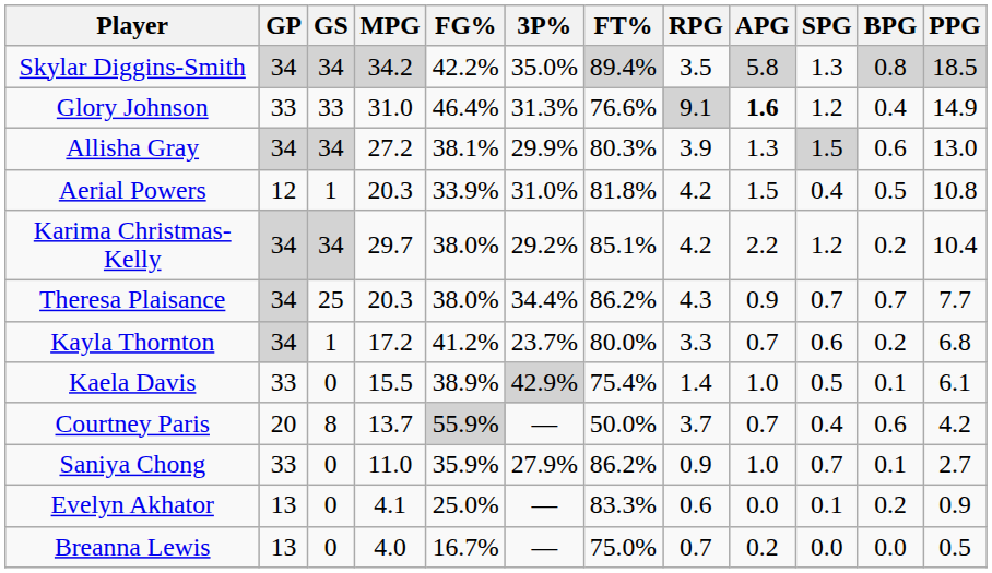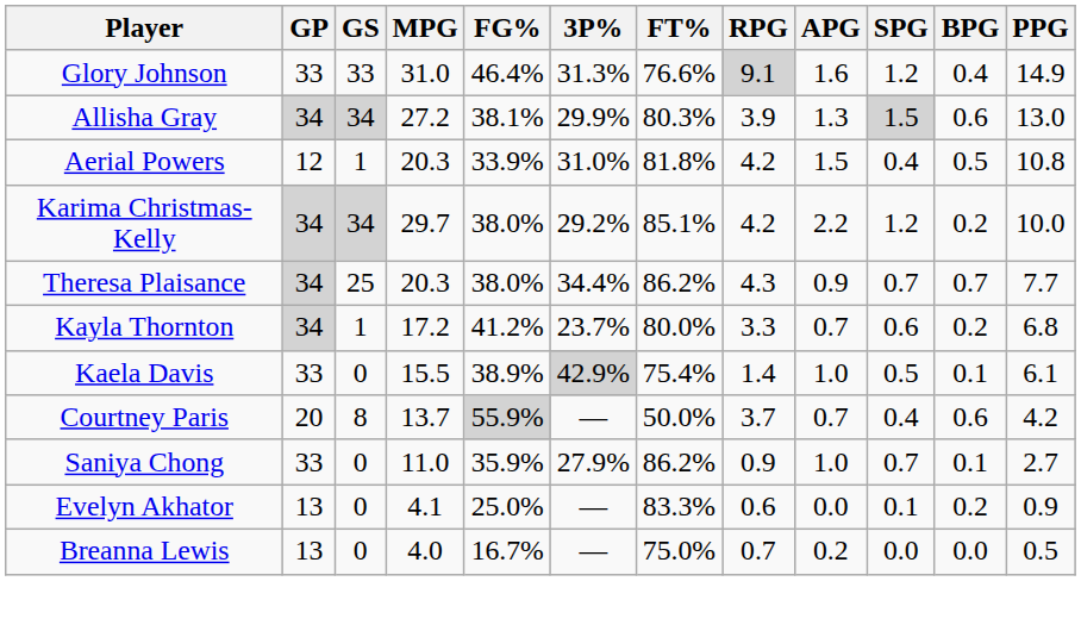 <table class="wikitable sortable" style="text-align:center;">
 <tr>
 <th>Player</th>
 <th>GP</th>
 <th>GS</th>
 <th>MPG</th>
 <th>FG%</th>
 <th>3P%</th>
 <th>FT%</th>
 <th>RPG</th>
 <th>APG</th>
 <th>SPG</th>
 <th>BPG</th>
 <th>PPG</th>
 </tr>
 <tr>
-<td><a href='#'>Skylar Diggins-Smith</a></td>
-<td style="background:#D3D3D3;">34</td>
-<td style="background:#D3D3D3;">34</td>
-<td style="background:#D3D3D3;">34.2</td>
-<td>42.2%</td>
-<td>35.0%</td>
-<td style="background:#D3D3D3;">89.4%</td>
-<td>3.5</td>
-<td style="background:#D3D3D3;">5.8</td>
-<td>1.3</td>
-<td style="background:#D3D3D3;">0.8</td>
-<td style="background:#D3D3D3;">18.5</td>
-</tr>
-<tr>
 <td><a href='#'>Glory Johnson</a></td>
 <td>33</td>
 <td>33</td>
 <td>31.0</td>
 <td>46.4%</td>
 <td>31.3%</td>
 <td>76.6%</td>
 <td style="background:#D3D3D3;">9.1</td>
-<td><strong>1.6</strong></td>
+<td>1.6</td>
 <td>1.2</td>
 <td>0.4</td>
 <td>14.9</td>
 </tr>
 <tr>
 <td><a href='#'>Allisha Gray</a></td>
 <td style="background:#D3D3D3;">34</td>
 <td style="background:#D3D3D3;">34</td>
 <td>27.2</td>
 <td>38.1%</td>
 <td>29.9%</td>
 <td>80.3%</td>
 <td>3.9</td>
 <td>1.3</td>
 <td style="background:#D3D3D3;">1.5</td>
 <td>0.6</td>
 <td>13.0</td>
 </tr>
 <tr>
 <td><a href='#'>Aerial Powers</a></td>
 <td>12</td>
 <td>1</td>
 <td>20.3</td>
 <td>33.9%</td>
 <td>31.0%</td>
 <td>81.8%</td>
 <td>4.2</td>
 <td>1.5</td>
 <td>0.4</td>
 <td>0.5</td>
 <td>10.8</td>
 </tr>
 <tr>
 <td><a href='#'>Karima Christmas-Kelly</a></td>
 <td style="background:#D3D3D3;">34</td>
 <td style="background:#D3D3D3;">34</td>
 <td>29.7</td>
 <td>38.0%</td>
 <td>29.2%</td>
 <td>85.1%</td>
 <td>4.2</td>
 <td>2.2</td>
 <td>1.2</td>
 <td>0.2</td>
-<td>10.4</td>
+<td>10.0</td>
 </tr>
 <tr>
 <td><a href='#'>Theresa Plaisance</a></td>
 <td style="background:#D3D3D3;">34</td>
 <td>25</td>
 <td>20.3</td>
 <td>38.0%</td>
 <td>34.4%</td>
 <td>86.2%</td>
 <td>4.3</td>
 <td>0.9</td>
 <td>0.7</td>
 <td>0.7</td>
 <td>7.7</td>
 </tr>
 <tr>
 <td><a href='#'>Kayla Thornton</a></td>
 <td style="background:#D3D3D3;">34</td>
 <td>1</td>
 <td>17.2</td>
 <td>41.2%</td>
 <td>23.7%</td>
 <td>80.0%</td>
 <td>3.3</td>
 <td>0.7</td>
 <td>0.6</td>
 <td>0.2</td>
 <td>6.8</td>
 </tr>
 <tr>
 <td><a href='#'>Kaela Davis</a></td>
 <td>33</td>
 <td>0</td>
 <td>15.5</td>
 <td>38.9%</td>
 <td style="background:#D3D3D3;">42.9%</td>
 <td>75.4%</td>
 <td>1.4</td>
 <td>1.0</td>
 <td>0.5</td>
 <td>0.1</td>
 <td>6.1</td>
 </tr>
 <tr>
 <td><a href='#'>Courtney Paris</a></td>
 <td>20</td>
 <td>8</td>
 <td>13.7</td>
 <td style="background:#D3D3D3;">55.9%</td>
 <td>—</td>
 <td>50.0%</td>
 <td>3.7</td>
 <td>0.7</td>
 <td>0.4</td>
 <td>0.6</td>
 <td>4.2</td>
 </tr>
 <tr>
 <td><a href='#'>Saniya Chong</a></td>
 <td>33</td>
 <td>0</td>
 <td>11.0</td>
 <td>35.9%</td>
 <td>27.9%</td>
 <td>86.2%</td>
 <td>0.9</td>
 <td>1.0</td>
 <td>0.7</td>
 <td>0.1</td>
 <td>2.7</td>
 </tr>
 <tr>
 <td><a href='#'>Evelyn Akhator</a></td>
 <td>13</td>
 <td>0</td>
 <td>4.1</td>
 <td>25.0%</td>
 <td>—</td>
 <td>83.3%</td>
 <td>0.6</td>
 <td>0.0</td>
 <td>0.1</td>
 <td>0.2</td>
 <td>0.9</td>
 </tr>
 <tr>
 <td><a href='#'>Breanna Lewis</a></td>
 <td>13</td>
 <td>0</td>
 <td>4.0</td>
 <td>16.7%</td>
 <td>—</td>
 <td>75.0%</td>
 <td>0.7</td>
 <td>0.2</td>
 <td>0.0</td>
 <td>0.0</td>
 <td>0.5</td>
 </tr>
 </table>
